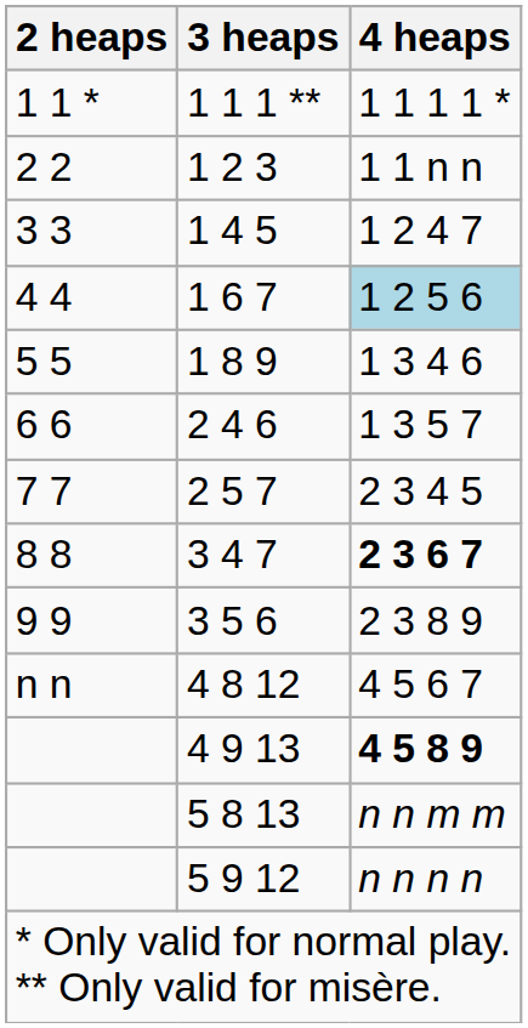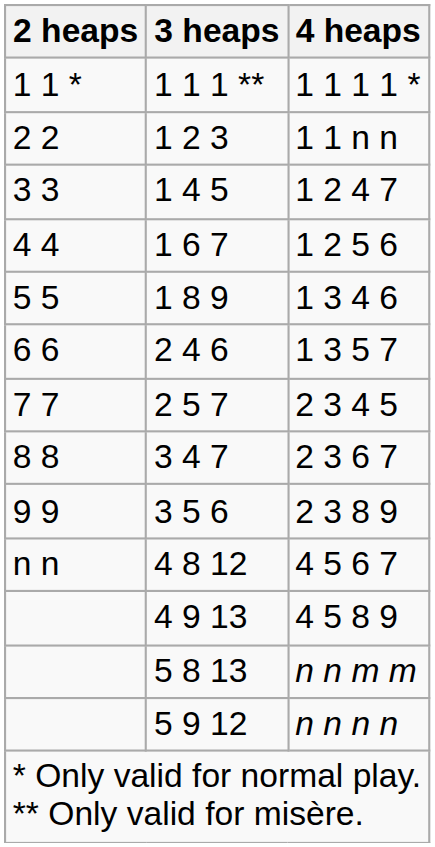 <table class="wikitable">
 <tr>
 <th>2 heaps</th>
 <th>3 heaps</th>
 <th>4 heaps</th>
 </tr>
 <tr>
 <td>1 1 *</td>
 <td>1 1 1 **</td>
 <td>1 1 1 1 *</td>
 </tr>
 <tr>
 <td>2 2</td>
 <td>1 2 3</td>
 <td>1 1 n n</td>
 </tr>
 <tr>
 <td>3 3</td>
 <td>1 4 5</td>
 <td>1 2 4 7</td>
 </tr>
 <tr>
 <td>4 4</td>
 <td>1 6 7</td>
-<td style="background: lightblue;">1 2 5 6</td>
+<td>1 2 5 6</td>
 </tr>
 <tr>
 <td>5 5</td>
 <td>1 8 9</td>
 <td>1 3 4 6</td>
 </tr>
 <tr>
 <td>6 6</td>
 <td>2 4 6</td>
 <td>1 3 5 7</td>
 </tr>
 <tr>
 <td>7 7</td>
 <td>2 5 7</td>
 <td>2 3 4 5</td>
 </tr>
 <tr>
 <td>8 8</td>
 <td>3 4 7</td>
-<td><strong>2 3 6 7</strong></td>
+<td>2 3 6 7</td>
 </tr>
 <tr>
 <td>9 9</td>
 <td>3 5 6</td>
 <td>2 3 8 9</td>
 </tr>
 <tr>
 <td>n n</td>
 <td>4 8 12</td>
 <td>4 5 6 7</td>
 </tr>
 <tr>
 <td></td>
 <td>4 9 13</td>
-<td><strong>4 5 8 9</strong></td>
+<td>4 5 8 9</td>
 </tr>
 <tr>
 <td></td>
 <td>5 8 13</td>
 <td><em>n</em> <em>n</em> <em>m</em> <em>m</em></td>
 </tr>
 <tr>
 <td></td>
 <td>5 9 12</td>
 <td><em>n</em> <em>n</em> <em>n</em> <em>n</em></td>
 </tr>
 <tr>
 <td colspan = "3">* Only valid for normal play.<br>** Only valid for misère.</td>
 </tr>
 </table>
